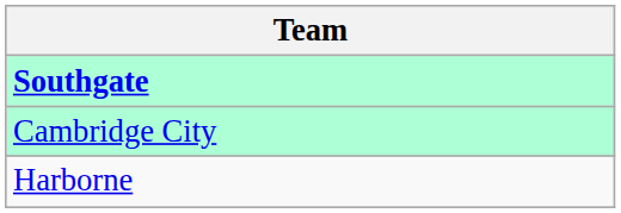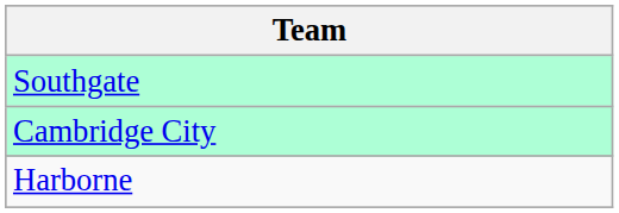 <table class="wikitable" style="font-size: 100%">
 <tr>
 <th width=300>Team</th>
 </tr>
 <tr align=center style="background: #ADFFD6;">
-<td align="left"><strong><a href='#'>Southgate</a></strong></td>
+<td align="left"><a href='#'>Southgate</a></td>
 </tr>
 <tr align=center style="background: #ADFFD6;">
 <td align="left"><a href='#'>Cambridge City</a></td>
 </tr>
 <tr align=center>
 <td align="left"><a href='#'>Harborne</a></td>
 </tr>
 </table>
